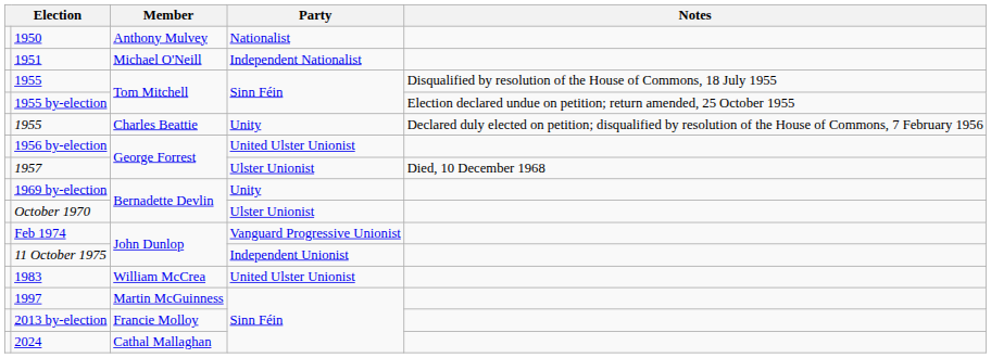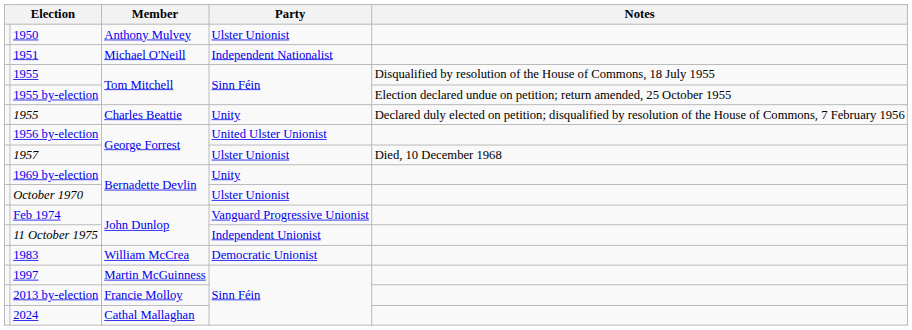 <table class="wikitable">
 <tr>
 <th colspan="2">Election</th>
 <th>Member</th>
 <th>Party</th>
 <th>Notes</th>
 </tr>
 <tr>
 <td style="color:inherit;background-color: "></td>
 <td><a href='#'>1950</a></td>
 <td><a href='#'>Anthony Mulvey</a></td>
-<td><a href='#'>Nationalist</a></td>
+<td><a href='#'>Ulster Unionist</a></td>
 <td> </td>
 </tr>
 <tr>
 <td style="color:inherit;background-color: "></td>
 <td><a href='#'>1951</a></td>
 <td><a href='#'>Michael O'Neill</a></td>
 <td><a href='#'>Independent Nationalist</a></td>
 <td> </td>
 </tr>
 <tr>
 <td style="color:inherit;background-color: "></td>
 <td><a href='#'>1955</a></td>
 <td rowspan="2"><a href='#'>Tom Mitchell</a></td>
 <td rowspan="2"><a href='#'>Sinn Féin</a></td>
 <td>Disqualified by resolution of the House of Commons, 18 July 1955</td>
 </tr>
 <tr>
 <td style="color:inherit;background-color: "></td>
 <td><a href='#'>1955 by-election</a></td>
 <td>Election declared undue on petition; return amended, 25 October 1955</td>
 </tr>
 <tr>
 <td style="color:inherit;background-color: "></td>
 <td><em>1955</em></td>
 <td><a href='#'>Charles Beattie</a></td>
 <td><a href='#'>Unity</a></td>
 <td>Declared duly elected on petition; disqualified by resolution of the House of Commons, 7 February 1956</td>
 </tr>
 <tr>
 <td style="color:inherit;background-color: "></td>
 <td><a href='#'>1956 by-election</a></td>
 <td rowspan=2><a href='#'>George Forrest</a></td>
 <td><a href='#'>United Ulster Unionist</a></td>
 <td></td>
 </tr>
 <tr>
 <td style="color:inherit;background-color: "></td>
 <td><em>1957</em></td>
 <td><a href='#'>Ulster Unionist</a></td>
 <td>Died, 10 December 1968</td>
 </tr>
 <tr>
 <td style="color:inherit;background-color: "></td>
 <td><a href='#'>1969 by-election</a></td>
 <td rowspan=2><a href='#'>Bernadette Devlin</a></td>
 <td><a href='#'>Unity</a></td>
 <td></td>
 </tr>
 <tr>
 <td style="color:inherit;background-color: "></td>
 <td><em>October 1970</em></td>
 <td><a href='#'>Ulster Unionist</a></td>
 <td></td>
 </tr>
 <tr>
 <td style="color:inherit;background-color: "></td>
 <td><a href='#'>Feb 1974</a></td>
 <td rowspan=2><a href='#'>John Dunlop</a></td>
 <td><a href='#'>Vanguard Progressive Unionist</a></td>
 <td></td>
 </tr>
 <tr>
 <td style="color:inherit;background-color: "></td>
 <td><em>11 October 1975</em></td>
 <td><a href='#'>Independent Unionist</a></td>
 <td></td>
 </tr>
 <tr>
 <td style="color:inherit;background-color: "></td>
 <td><a href='#'>1983</a></td>
 <td><a href='#'>William McCrea</a></td>
-<td><a href='#'>United Ulster Unionist</a></td>
+<td><a href='#'>Democratic Unionist</a></td>
 <td> </td>
 </tr>
 <tr>
 <td style="color:inherit;background-color: "></td>
 <td><a href='#'>1997</a></td>
 <td><a href='#'>Martin McGuinness</a></td>
 <td rowspan="3"><a href='#'>Sinn Féin</a></td>
 <td></td>
 </tr>
 <tr>
 <td style="color:inherit;background-color: "></td>
 <td><a href='#'>2013 by-election</a></td>
 <td><a href='#'>Francie Molloy</a></td>
 <td></td>
 </tr>
 <tr>
 <td style="color:inherit;background-color: "></td>
 <td><a href='#'>2024</a></td>
 <td><a href='#'>Cathal Mallaghan</a></td>
 <td></td>
 </tr>
 </table>
